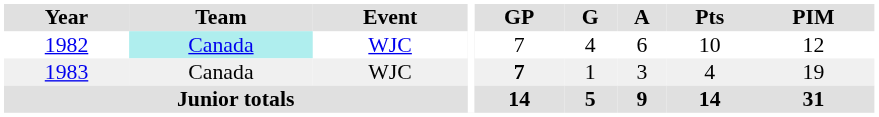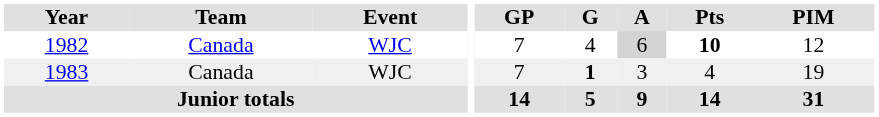 <table border="0" cellpadding="1" cellspacing="0" ID="Table3" style="text-align:center; width:40em">
 <tr ALIGN="center" bgcolor="#e0e0e0">
 <th>Year</th>
 <th>Team</th>
 <th>Event</th>
 <th rowspan="99" bgcolor="#ffffff"></th>
 <th>GP</th>
 <th>G</th>
 <th>A</th>
 <th>Pts</th>
 <th>PIM</th>
 </tr>
 <tr>
 <td><a href='#'>1982</a></td>
-<td style="background: paleturquoise;"><a href='#'>Canada</a></td>
+<td><a href='#'>Canada</a></td>
 <td><a href='#'>WJC</a></td>
 <td>7</td>
 <td>4</td>
-<td>6</td>
-<td>10</td>
+<td style="background: lightgrey;">6</td>
+<td><strong>10</strong></td>
 <td>12</td>
 </tr>
 <tr bgcolor="#f0f0f0">
 <td><a href='#'>1983</a></td>
 <td>Canada</td>
 <td>WJC</td>
-<td><strong>7</strong></td>
-<td>1</td>
+<td>7</td>
+<td><strong>1</strong></td>
 <td>3</td>
 <td>4</td>
 <td>19</td>
 </tr>
 <tr bgcolor="#e0e0e0">
 <th colspan="3">Junior totals</th>
 <th>14</th>
 <th>5</th>
 <th>9</th>
 <th>14</th>
 <th>31</th>
 </tr>
 </table>
